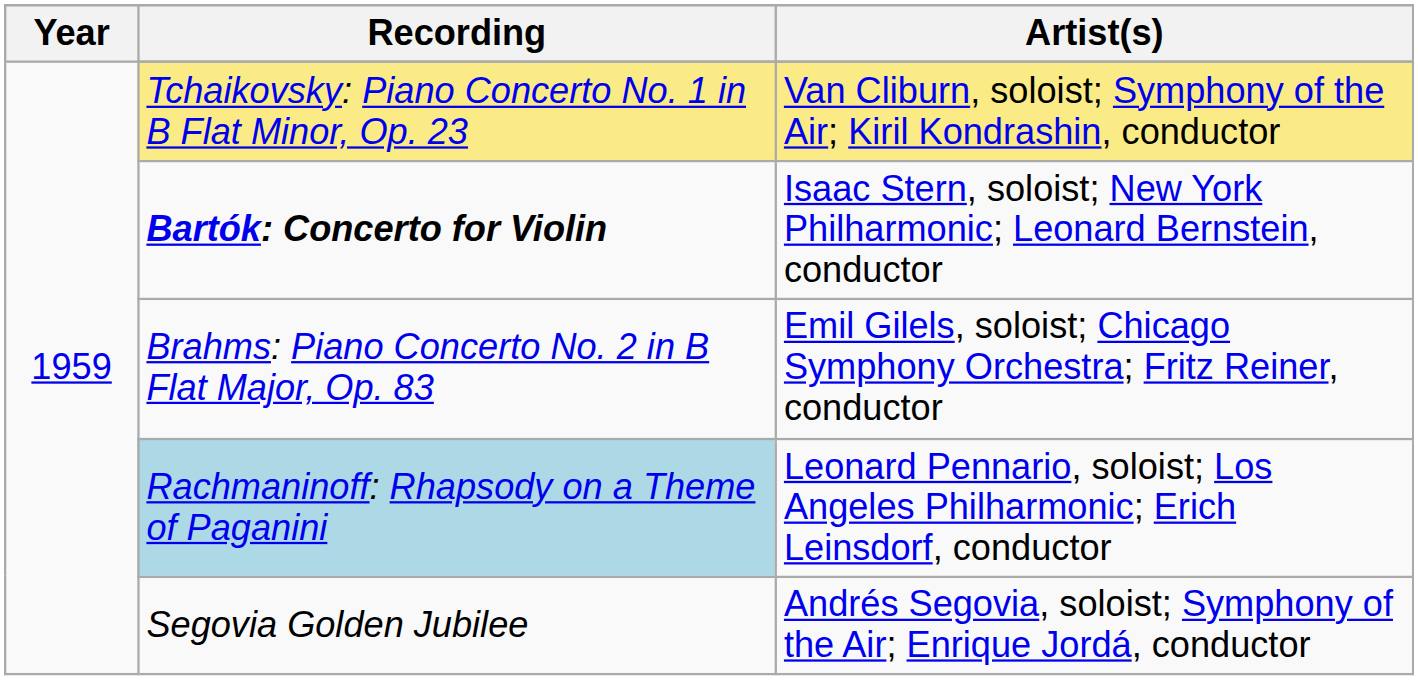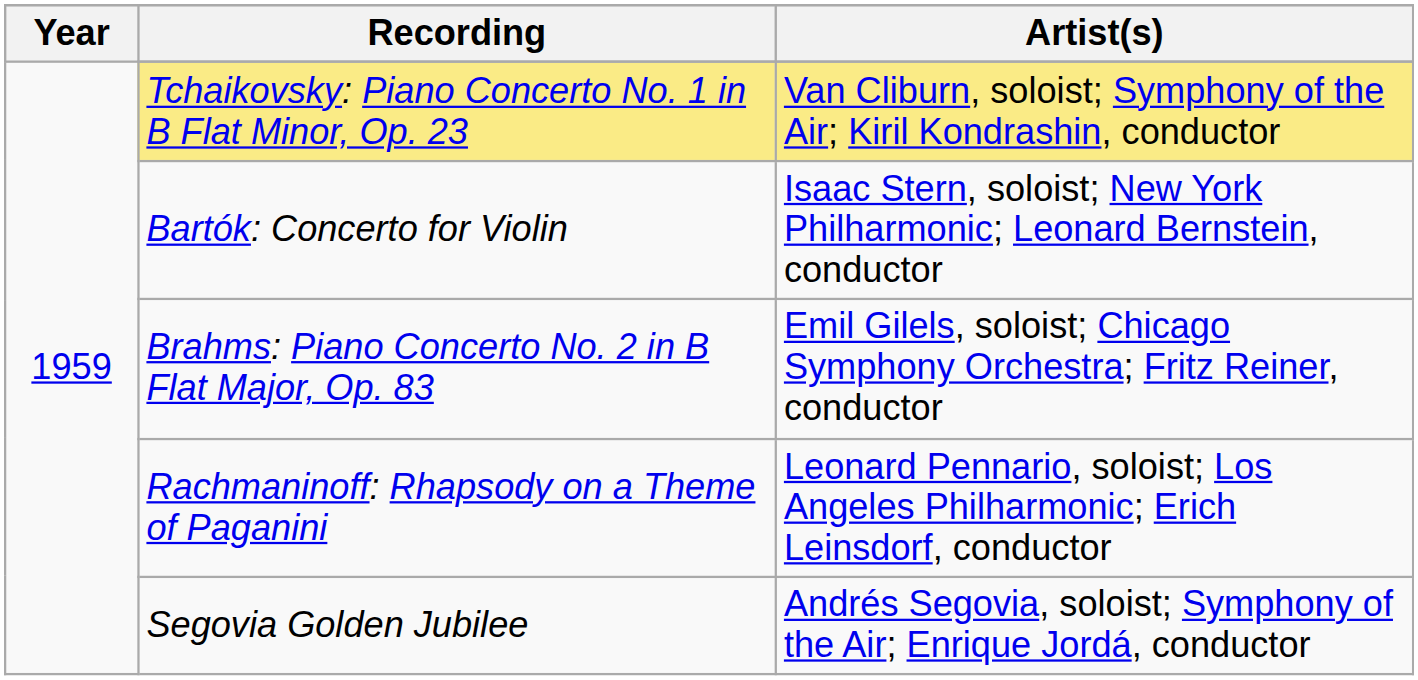 <table class="wikitable" style="width:100%">
 <tr bgcolor="#bebebe">
 </tr>
 <tr bgcolor="#bebebe">
 <th width="5%">Year</th>
 <th width="30%">Recording</th>
 <th width="30%">Artist(s)</th>
 </tr>
 <tr>
 <td rowspan="6" style="text-align:center;"><a href='#'>1959</a><br></td>
 </tr>
 <tr style="background:#FAEB86;">
 <td><em><a href='#'>Tchaikovsky</a>: <a href='#'>Piano Concerto No. 1 in B Flat Minor, Op. 23</a></em></td>
 <td><a href='#'>Van Cliburn</a>, soloist; <a href='#'>Symphony of the Air</a>; <a href='#'>Kiril Kondrashin</a>, conductor</td>
 </tr>
 <tr>
-<td><strong><em><a href='#'>Bartók</a>: Concerto for Violin</em></strong></td>
+<td><em><a href='#'>Bartók</a>: Concerto for Violin</em></td>
 <td><a href='#'>Isaac Stern</a>, soloist; <a href='#'>New York Philharmonic</a>; <a href='#'>Leonard Bernstein</a>, conductor</td>
 </tr>
 <tr>
 <td><em><a href='#'>Brahms</a>: <a href='#'>Piano Concerto No. 2 in B Flat Major, Op. 83</a></em></td>
 <td><a href='#'>Emil Gilels</a>, soloist; <a href='#'>Chicago Symphony Orchestra</a>; <a href='#'>Fritz Reiner</a>, conductor</td>
 </tr>
 <tr>
-<td style="background: lightblue;"><em><a href='#'>Rachmaninoff</a>: <a href='#'>Rhapsody on a Theme of Paganini</a></em></td>
+<td><em><a href='#'>Rachmaninoff</a>: <a href='#'>Rhapsody on a Theme of Paganini</a></em></td>
 <td><a href='#'>Leonard Pennario</a>, soloist; <a href='#'>Los Angeles Philharmonic</a>; <a href='#'>Erich Leinsdorf</a>, conductor</td>
 </tr>
 <tr>
 <td><em>Segovia Golden Jubilee</em></td>
 <td><a href='#'>Andrés Segovia</a>, soloist; <a href='#'>Symphony of the Air</a>; <a href='#'>Enrique Jordá</a>, conductor</td>
 </tr>
 </table>
